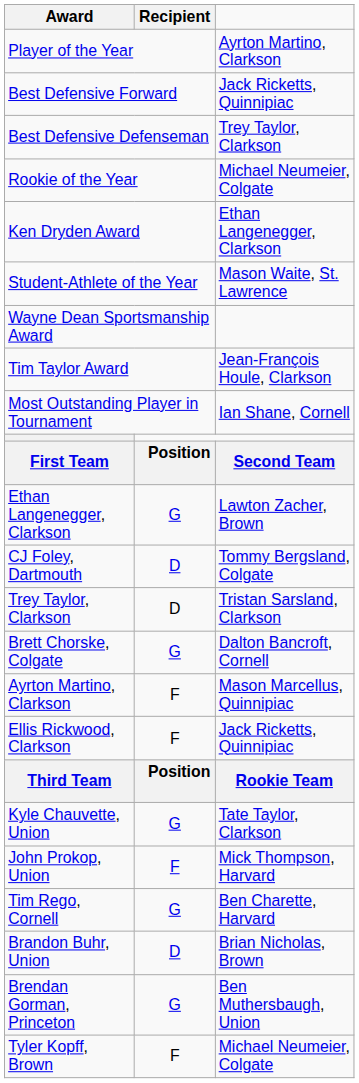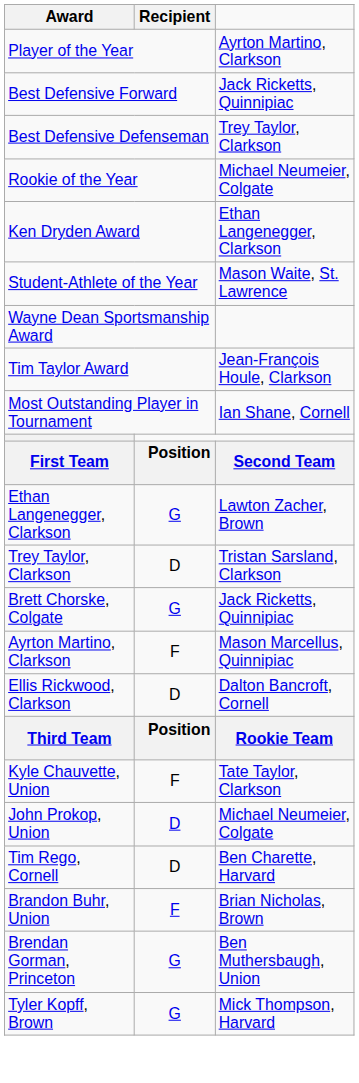 <table class="wikitable" width=40%>
 <tr>
 <th>Award</th>
 <th>Recipient</th>
 </tr>
 <tr>
 <td colspan=2><a href='#'>Player of the Year</a></td>
 <td><a href='#'>Ayrton Martino</a>, <a href='#'>Clarkson</a></td>
 </tr>
 <tr>
 <td colspan=2><a href='#'>Best Defensive Forward</a></td>
 <td><a href='#'>Jack Ricketts</a>, <a href='#'>Quinnipiac</a></td>
 </tr>
 <tr>
 <td colspan=2><a href='#'>Best Defensive Defenseman</a></td>
 <td><a href='#'>Trey Taylor</a>, <a href='#'>Clarkson</a></td>
 </tr>
 <tr>
 <td colspan=2><a href='#'>Rookie of the Year</a></td>
 <td><a href='#'>Michael Neumeier</a>, <a href='#'>Colgate</a></td>
 </tr>
 <tr>
 <td colspan=2><a href='#'>Ken Dryden Award</a></td>
 <td><a href='#'>Ethan Langenegger</a>, <a href='#'>Clarkson</a></td>
 </tr>
 <tr>
 <td colspan=2><a href='#'>Student-Athlete of the Year</a></td>
 <td><a href='#'>Mason Waite</a>, <a href='#'>St. Lawrence</a></td>
 </tr>
 <tr>
 <td colspan=2><a href='#'>Wayne Dean Sportsmanship Award</a></td>
 <td></td>
 </tr>
 <tr>
 <td colspan=2><a href='#'>Tim Taylor Award</a></td>
 <td><a href='#'>Jean-François Houle</a>, <a href='#'>Clarkson</a></td>
 </tr>
 <tr>
 <td colspan=2><a href='#'>Most Outstanding Player in Tournament</a></td>
 <td><a href='#'>Ian Shane</a>, <a href='#'>Cornell</a></td>
 </tr>
 <tr>
 <th><a href='#'></a></th>
 </tr>
 <tr>
 <th><a href='#'>First Team</a></th>
 <th>  Position  </th>
 <th><a href='#'>Second Team</a></th>
 </tr>
 <tr>
 <td><a href='#'>Ethan Langenegger</a>, <a href='#'>Clarkson</a></td>
 <td align=center><a href='#'>G</a></td>
 <td><a href='#'>Lawton Zacher</a>, <a href='#'>Brown</a></td>
 </tr>
 <tr>
-<td><a href='#'>CJ Foley</a>, <a href='#'>Dartmouth</a></td>
-<td align=center><a href='#'>D</a></td>
-<td><a href='#'>Tommy Bergsland</a>, <a href='#'>Colgate</a></td>
-</tr>
-<tr>
 <td><a href='#'>Trey Taylor</a>, <a href='#'>Clarkson</a></td>
 <td align=center>D</td>
 <td><a href='#'>Tristan Sarsland</a>, <a href='#'>Clarkson</a></td>
 </tr>
 <tr>
 <td><a href='#'>Brett Chorske</a>, <a href='#'>Colgate</a></td>
 <td align=center><a href='#'>G</a></td>
-<td><a href='#'>Dalton Bancroft</a>, <a href='#'>Cornell</a></td>
+<td><a href='#'>Jack Ricketts</a>, <a href='#'>Quinnipiac</a></td>
 </tr>
 <tr>
 <td><a href='#'>Ayrton Martino</a>, <a href='#'>Clarkson</a></td>
 <td align=center>F</td>
 <td><a href='#'>Mason Marcellus</a>, <a href='#'>Quinnipiac</a></td>
 </tr>
 <tr>
 <td><a href='#'>Ellis Rickwood</a>, <a href='#'>Clarkson</a></td>
-<td align=center>F</td>
-<td><a href='#'>Jack Ricketts</a>, <a href='#'>Quinnipiac</a></td>
+<td align=center>D</td>
+<td><a href='#'>Dalton Bancroft</a>, <a href='#'>Cornell</a></td>
 </tr>
 <tr>
 <th><a href='#'>Third Team</a></th>
 <th>  Position  </th>
 <th><a href='#'>Rookie Team</a></th>
 </tr>
 <tr>
 <td><a href='#'>Kyle Chauvette</a>, <a href='#'>Union</a></td>
-<td align=center><a href='#'>G</a></td>
+<td align=center>F</td>
 <td><a href='#'>Tate Taylor</a>, <a href='#'>Clarkson</a></td>
 </tr>
 <tr>
 <td><a href='#'>John Prokop</a>, <a href='#'>Union</a></td>
-<td align=center><a href='#'>F</a></td>
-<td><a href='#'>Mick Thompson</a>, <a href='#'>Harvard</a></td>
+<td align=center><a href='#'>D</a></td>
+<td><a href='#'>Michael Neumeier</a>, <a href='#'>Colgate</a></td>
 </tr>
 <tr>
 <td><a href='#'>Tim Rego</a>, <a href='#'>Cornell</a></td>
-<td align=center><a href='#'>G</a></td>
+<td align=center>D</td>
 <td><a href='#'>Ben Charette</a>, <a href='#'>Harvard</a></td>
 </tr>
 <tr>
 <td><a href='#'>Brandon Buhr</a>, <a href='#'>Union</a></td>
-<td align=center><a href='#'>D</a></td>
+<td align=center><a href='#'>F</a></td>
 <td><a href='#'>Brian Nicholas</a>, <a href='#'>Brown</a></td>
 </tr>
 <tr>
 <td><a href='#'>Brendan Gorman</a>, <a href='#'>Princeton</a></td>
 <td align=center><a href='#'>G</a></td>
 <td><a href='#'>Ben Muthersbaugh</a>, <a href='#'>Union</a></td>
 </tr>
 <tr>
 <td><a href='#'>Tyler Kopff</a>, <a href='#'>Brown</a></td>
-<td align=center>F</td>
-<td><a href='#'>Michael Neumeier</a>, <a href='#'>Colgate</a></td>
+<td align=center><a href='#'>G</a></td>
+<td><a href='#'>Mick Thompson</a>, <a href='#'>Harvard</a></td>
 </tr>
 </table>
